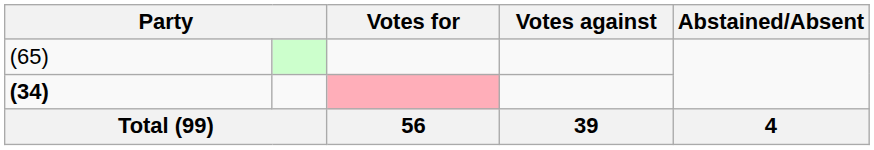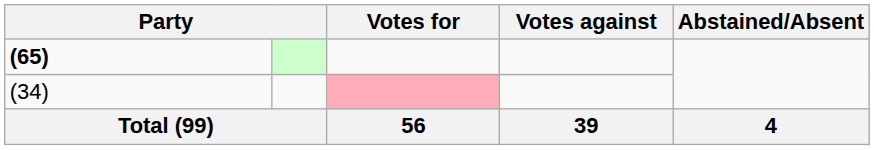 <table class="wikitable" style="width:50%;">
 <tr>
 <th colspan="2">Party</th>
 <th style="width:20%;">Votes for</th>
 <th style="width:20%;">Votes against</th>
 <th style="width:20%;">Abstained/Absent</th>
 </tr>
 <tr>
-<td> (65)</td>
+<td><strong> (65)</strong></td>
 <td style="background-color:#cfc;"></td>
 <td></td>
 <td></td>
 </tr>
 <tr>
-<td><strong> (34)</strong></td>
+<td> (34)</td>
 <td></td>
 <td style="background-color:#ffaeb9;"></td>
 <td></td>
 </tr>
 <tr>
 <th colspan="2">Total (99)</th>
 <th>56</th>
 <th>39</th>
 <th>4</th>
 </tr>
 </table>
